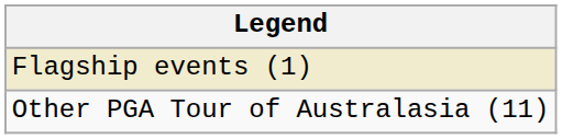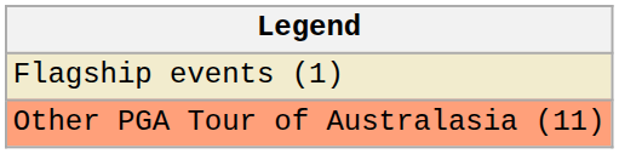 <table class="wikitable" style="font-size:95%;">
 <tr>
 <th>Legend</th>
 </tr>
 <tr style="background:#f2ecce;">
 <td>Flagship events (1)</td>
 </tr>
 <tr>
-<td>Other PGA Tour of Australasia (11)</td>
+<td style="background: lightsalmon;">Other PGA Tour of Australasia (11)</td>
 </tr>
 </table>
